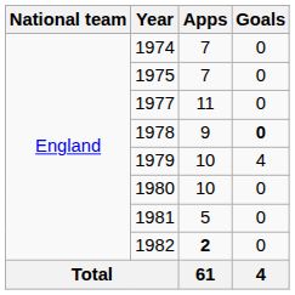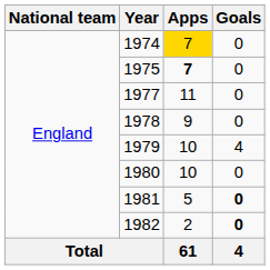 <table class="wikitable" style="text-align:center">
 <tr>
 <th>National team</th>
 <th>Year</th>
 <th>Apps</th>
 <th>Goals</th>
 </tr>
 <tr>
 <td rowspan="8"><a href='#'>England</a></td>
 <td>1974</td>
-<td>7</td>
+<td style="background: gold;">7</td>
 <td>0</td>
 </tr>
 <tr>
 <td>1975</td>
-<td>7</td>
+<td><strong>7</strong></td>
 <td>0</td>
 </tr>
 <tr>
 <td>1977</td>
 <td>11</td>
 <td>0</td>
 </tr>
 <tr>
 <td>1978</td>
 <td>9</td>
-<td><strong>0</strong></td>
+<td>0</td>
 </tr>
 <tr>
 <td>1979</td>
 <td>10</td>
 <td>4</td>
 </tr>
 <tr>
 <td>1980</td>
 <td>10</td>
 <td>0</td>
 </tr>
 <tr>
 <td>1981</td>
 <td>5</td>
-<td>0</td>
+<td><strong>0</strong></td>
 </tr>
 <tr>
 <td>1982</td>
-<td><strong>2</strong></td>
-<td>0</td>
+<td>2</td>
+<td><strong>0</strong></td>
 </tr>
 <tr>
 <th colspan="2">Total</th>
 <th>61</th>
 <th>4</th>
 </tr>
 </table>
